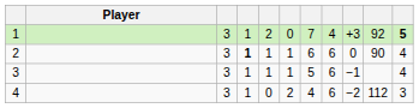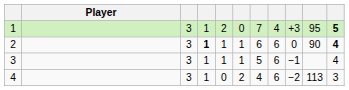 <table class="wikitable" style="text-align:center; margin: 1em auto 1em auto, align:left">
 <tr>
 <th width=20></th>
 <th width=240>Player</th>
 <th width=20></th>
 <th width=20></th>
 <th width=20></th>
 <th width=20></th>
 <th width=20></th>
 <th width=20></th>
 <th width=20></th>
 <th width=30></th>
 <th width=20></th>
 </tr>
 <tr style="background:#D0F0C0;">
 <td>1</td>
 <td align=left></td>
 <td>3</td>
 <td>1</td>
 <td>2</td>
 <td>0</td>
 <td>7</td>
 <td>4</td>
 <td>+3</td>
-<td>92</td>
+<td>95</td>
 <td><strong>5</strong></td>
 </tr>
 <tr style=>
 <td>2</td>
 <td align=left></td>
 <td>3</td>
 <td><strong>1</strong></td>
 <td>1</td>
 <td>1</td>
 <td>6</td>
 <td>6</td>
 <td>0</td>
 <td>90</td>
-<td>4</td>
+<td><strong>4</strong></td>
 </tr>
 <tr style=>
 <td>3</td>
 <td align=left></td>
 <td>3</td>
 <td>1</td>
 <td>1</td>
 <td>1</td>
 <td>5</td>
 <td>6</td>
 <td>−1</td>
 <td></td>
 <td>4</td>
 </tr>
 <tr style=>
 <td>4</td>
 <td align=left></td>
 <td>3</td>
 <td>1</td>
 <td>0</td>
 <td>2</td>
 <td>4</td>
 <td>6</td>
 <td>−2</td>
-<td>112</td>
+<td>113</td>
 <td>3</td>
 </tr>
 </table>
